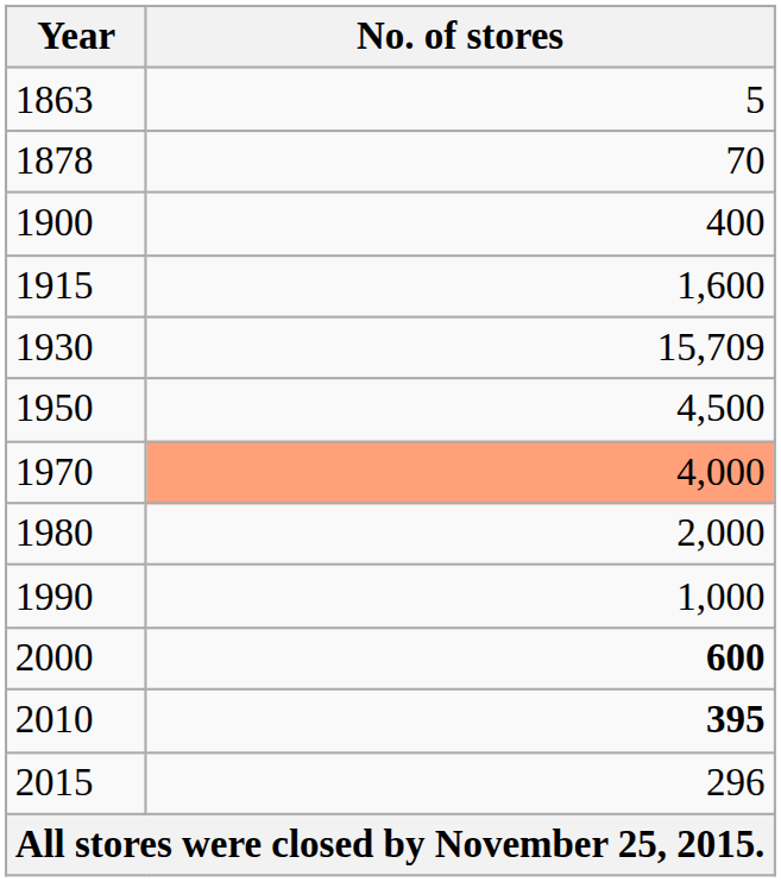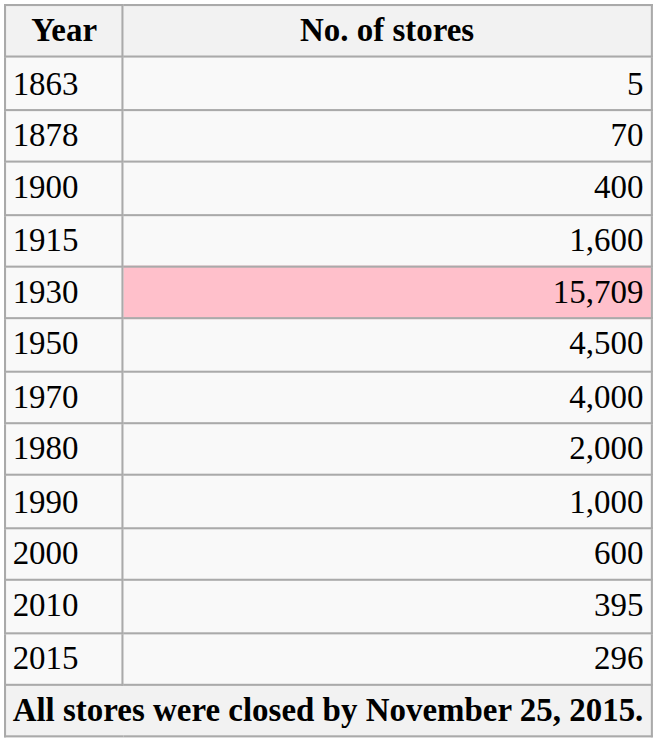 <table class="wikitable floatright">
 <tr>
 <th style="width:50px;">Year</th>
 <th>No. of stores</th>
 </tr>
 <tr>
 <td>1863</td>
 <td style="text-align:right;">5</td>
 </tr>
 <tr>
 <td>1878</td>
 <td style="text-align:right;">70</td>
 </tr>
 <tr>
 <td>1900</td>
 <td style="text-align:right;">400</td>
 </tr>
 <tr>
 <td>1915</td>
 <td style="text-align:right;">1,600</td>
 </tr>
 <tr>
 <td>1930</td>
-<td style="text-align:right;">15,709</td>
+<td style="background: pink; text-align:right;">15,709</td>
 </tr>
 <tr>
 <td>1950</td>
 <td style="text-align:right;">4,500</td>
 </tr>
 <tr>
 <td>1970</td>
-<td style="background: lightsalmon; text-align:right;">4,000</td>
+<td style="text-align:right;">4,000</td>
 </tr>
 <tr>
 <td>1980</td>
 <td style="text-align:right;">2,000</td>
 </tr>
 <tr>
 <td>1990</td>
 <td style="text-align:right;">1,000</td>
 </tr>
 <tr>
 <td>2000</td>
-<td style="text-align:right;"><strong>600</strong></td>
+<td style="text-align:right;">600</td>
 </tr>
 <tr>
 <td>2010</td>
-<td style="text-align:right;"><strong>395</strong></td>
+<td style="text-align:right;">395</td>
 </tr>
 <tr>
 <td>2015</td>
 <td style="text-align:right;">296</td>
 </tr>
 <tr>
 <th colspan=2>All stores were closed by November 25, 2015.</th>
 </tr>
 </table>
